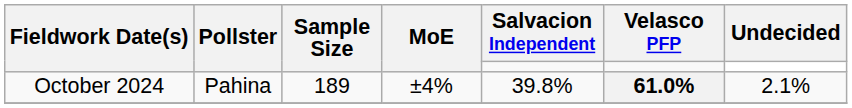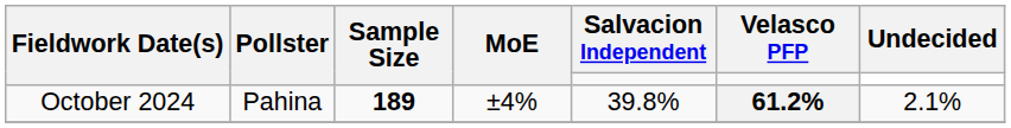 <table class="wikitable" style="text-align:center;font-size:90%;line-height:15px">
 <tr>
 <th rowspan="2">Fieldwork Date(s)</th>
 <th rowspan="2">Pollster</th>
 <th rowspan="2" style="width:60px;">Sample Size</th>
 <th rowspan="2" style="width:60px;">MoE</th>
 <th style="width:75px;">Salvacion<br><small><a href='#'>Independent</a></small></th>
 <th style="width:75px;">Velasco<br><small><a href='#'>PFP</a></small></th>
 <th style="width:75px;">Undecided</th>
 </tr>
 <tr>
 <td style="background:"></td>
 <td style="background:"></td>
 <td style="background:#FFFFFF;"></td>
 </tr>
 <tr>
 <td>October 2024</td>
 <td>Pahina</td>
-<td>189</td>
+<td><strong>189</strong></td>
 <td>±4%</td>
 <td>39.8%</td>
-<th style="background-color:#">61.0%</th>
+<th style="background-color:#">61.2%</th>
 <td>2.1%</td>
 </tr>
 <tr>
 </tr>
 </table>
